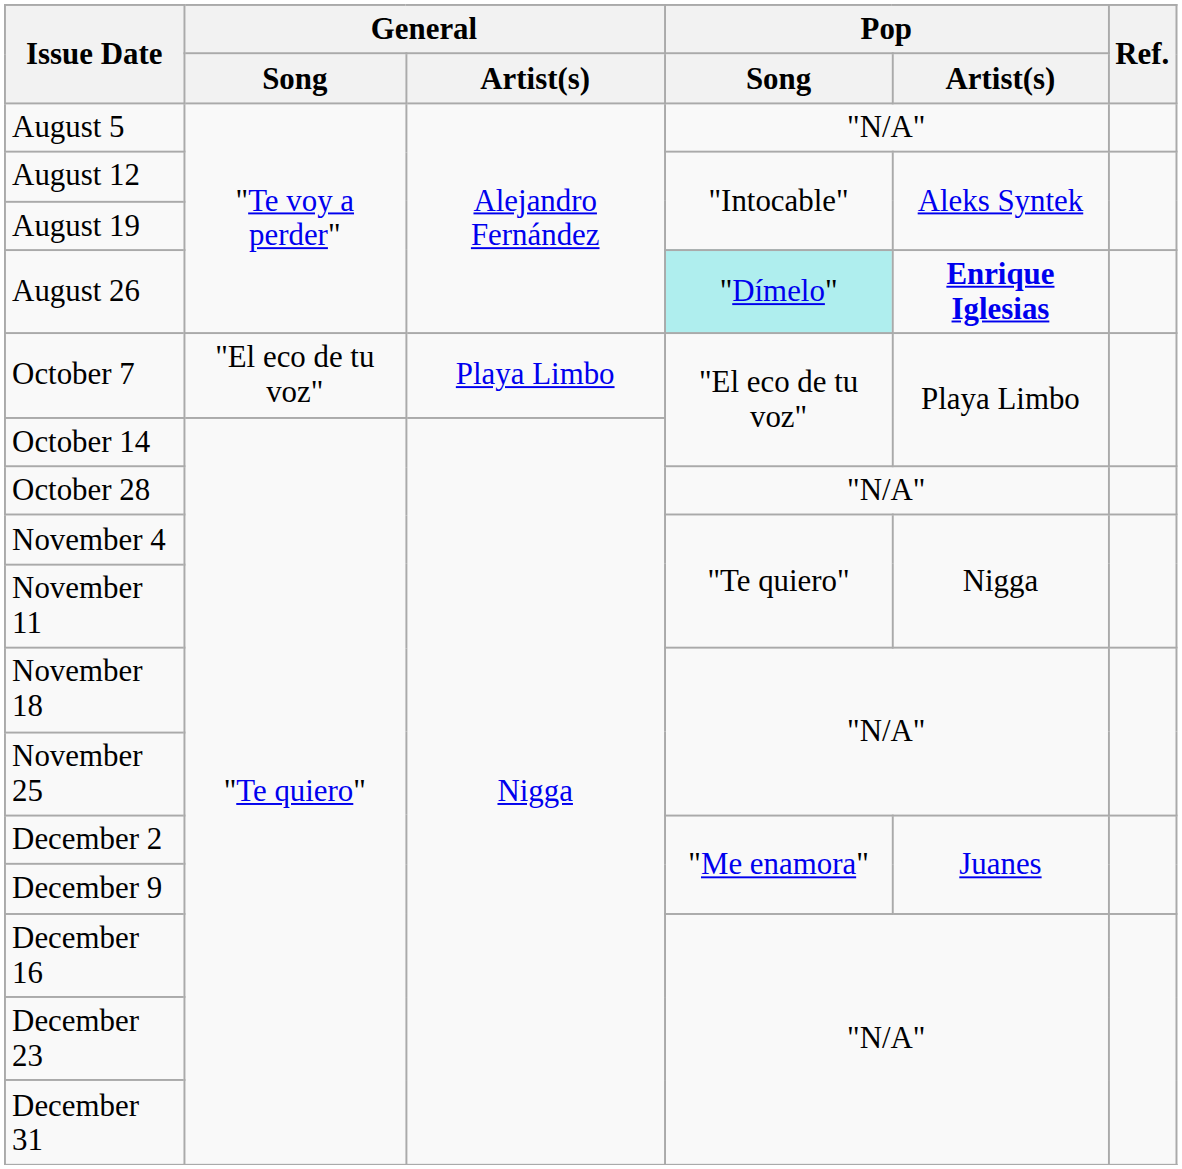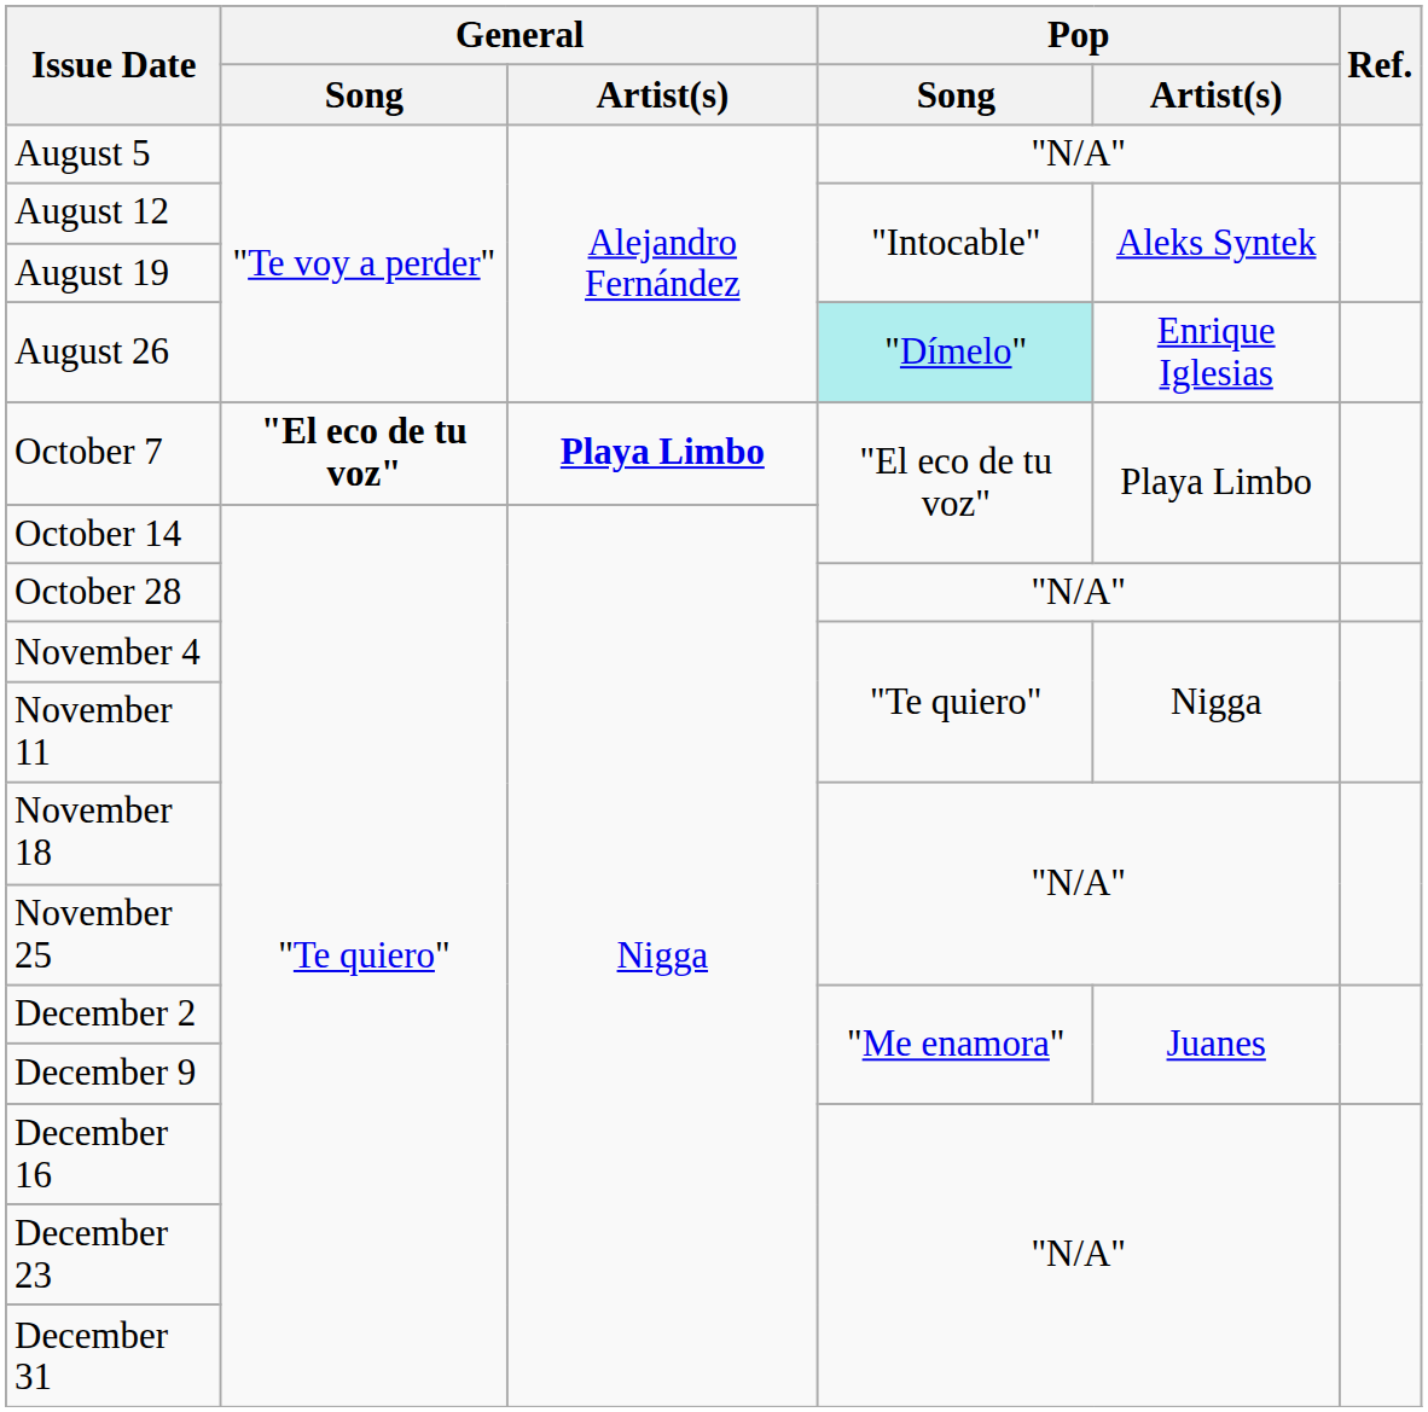 <table class="wikitable">
 <tr>
 <th style="text-align: center;" rowspan="2">Issue Date</th>
 <th style="text-align: center;" colspan="2">General</th>
 <th style="text-align: center;" colspan="2">Pop</th>
 <th style="text-align: center;" colspan="2" rowspan="2">Ref.</th>
 </tr>
 <tr>
 <th>Song</th>
 <th>Artist(s)</th>
 <th>Song</th>
 <th>Artist(s)</th>
 </tr>
 <tr>
 <td>August 5</td>
 <td style="text-align: center;" rowspan="4">"<a href='#'>Te voy a perder</a>"</td>
 <td style="text-align: center;" rowspan="4"><a href='#'>Alejandro Fernández</a></td>
 <td style="text-align: center;" colspan="2">"N/A"</td>
 <td style="text-align: center;"></td>
 </tr>
 <tr>
 <td>August 12</td>
 <td style="text-align: center;" rowspan="2">"Intocable"</td>
 <td style="text-align: center;" rowspan="2"><a href='#'>Aleks Syntek</a></td>
 <td style="text-align: center;" rowspan="2"></td>
 </tr>
 <tr>
 <td>August 19</td>
 </tr>
 <tr>
 <td>August 26</td>
 <td style="background: paleturquoise; text-align: center;">"<a href='#'>Dímelo</a>"</td>
-<td style="text-align: center;"><strong><a href='#'>Enrique Iglesias</a></strong></td>
+<td style="text-align: center;"><a href='#'>Enrique Iglesias</a></td>
 <td style="text-align: center;"></td>
 </tr>
 <tr>
 <td>October 7</td>
-<td style="text-align: center;">"El eco de tu voz"</td>
-<td style="text-align: center;"><a href='#'>Playa Limbo</a></td>
+<td style="text-align: center;"><strong>"El eco de tu voz"</strong></td>
+<td style="text-align: center;"><strong><a href='#'>Playa Limbo</a></strong></td>
 <td style="text-align: center;" rowspan="2">"El eco de tu voz"</td>
 <td style="text-align: center;" rowspan="2">Playa Limbo</td>
 <td style="text-align: center;" rowspan="2"></td>
 </tr>
 <tr>
 <td>October 14</td>
 <td style="text-align: center;" rowspan="11">"<a href='#'>Te quiero</a>"</td>
 <td style="text-align: center;" rowspan="11"><a href='#'>Nigga</a></td>
 </tr>
 <tr>
 <td>October 28</td>
 <td style="text-align: center;" colspan="2">"N/A"</td>
 <td style="text-align: center;"></td>
 </tr>
 <tr>
 <td>November 4</td>
 <td style="text-align: center;" rowspan="2">"Te quiero"</td>
 <td style="text-align: center;" rowspan="2">Nigga</td>
 <td style="text-align: center;" rowspan="2"></td>
 </tr>
 <tr>
 <td>November 11</td>
 </tr>
 <tr>
 <td>November 18</td>
 <td style="text-align: center;" rowspan="2" colspan="2">"N/A"</td>
 <td style="text-align: center;" rowspan="2"></td>
 </tr>
 <tr>
 <td>November 25</td>
 </tr>
 <tr>
 <td>December 2</td>
 <td style="text-align: center;" rowspan="2">"<a href='#'>Me enamora</a>"</td>
 <td style="text-align: center;" rowspan="2"><a href='#'>Juanes</a></td>
 <td style="text-align: center;" rowspan="2"></td>
 </tr>
 <tr>
 <td>December 9</td>
 </tr>
 <tr>
 <td>December 16</td>
 <td style="text-align: center;" rowspan="3" colspan="2">"N/A"</td>
 <td style="text-align: center;" rowspan="3"></td>
 </tr>
 <tr>
 <td>December 23</td>
 </tr>
 <tr>
 <td>December 31</td>
 </tr>
 <tr>
 </tr>
 </table>
